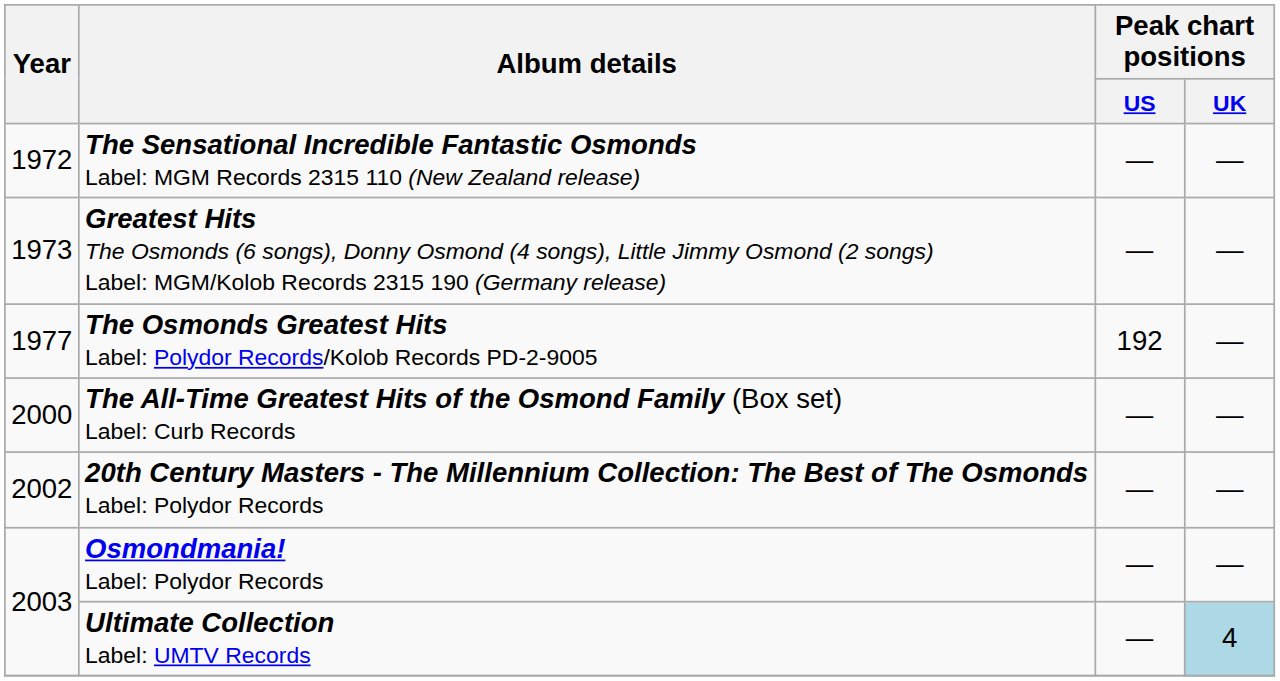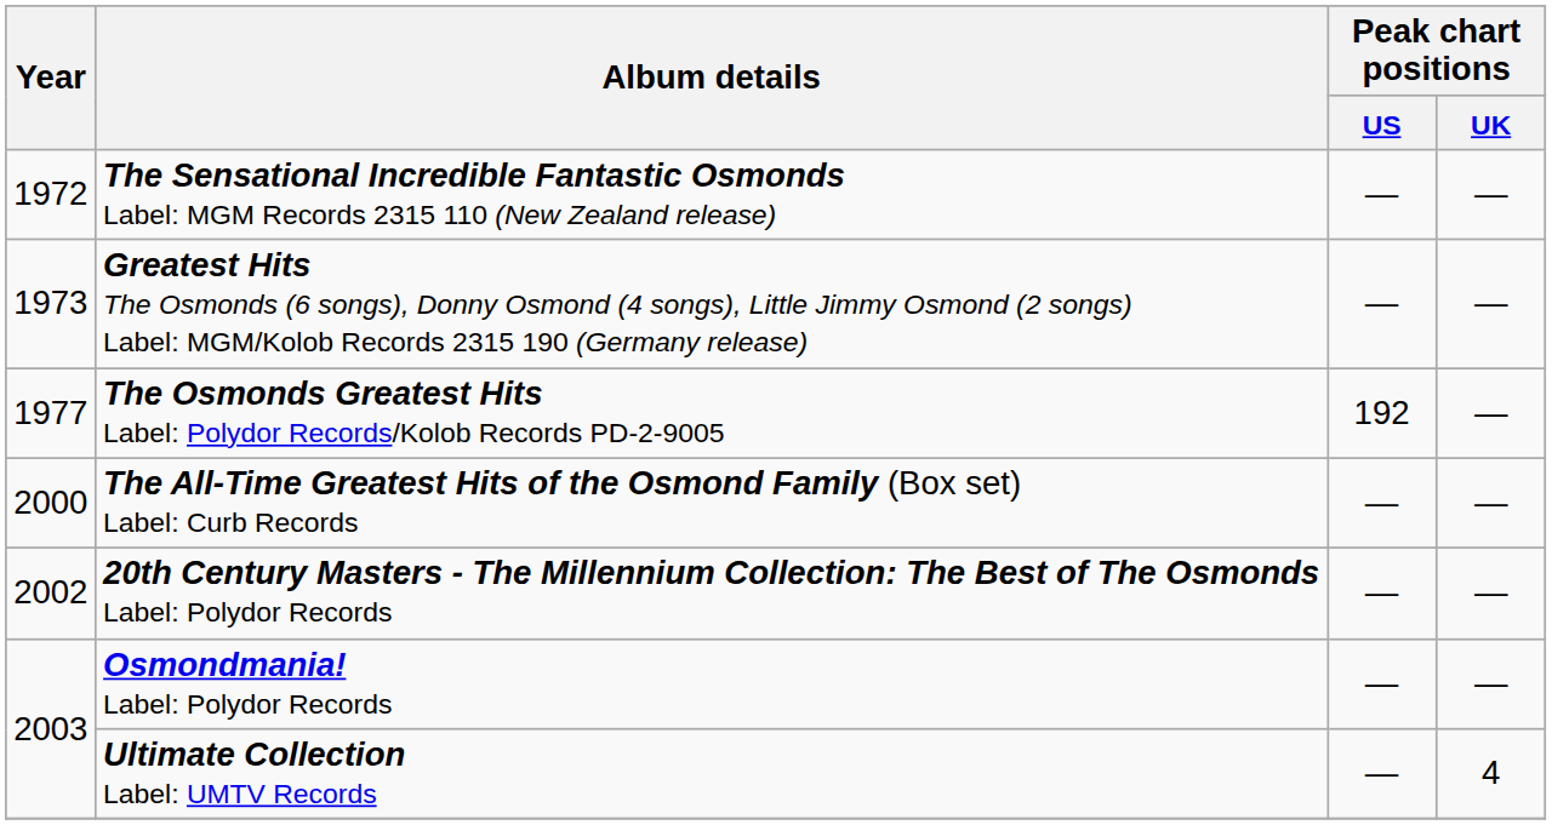 <table class="wikitable">
 <tr>
 <th rowspan="2">Year</th>
 <th rowspan="2">Album details</th>
 <th colspan="2">Peak chart positions</th>
 </tr>
 <tr>
 <th style="width:45px;"><small><a href='#'>US</a></small><br></th>
 <th style="width:45px;"><small><a href='#'>UK</a></small><br></th>
 </tr>
 <tr>
 <td>1972</td>
 <td><strong><em>The Sensational Incredible Fantastic Osmonds</em></strong><br><small>Label: MGM Records 2315 110 <em>(New Zealand release)</em></small></td>
 <td style="text-align:center;">—</td>
 <td style="text-align:center;">—</td>
 </tr>
 <tr>
 <td>1973</td>
 <td><strong><em>Greatest Hits<br></em></strong><small> <em>The Osmonds (6 songs), Donny Osmond (4 songs), Little Jimmy Osmond (2 songs)</em></small><br><small>Label: MGM/Kolob Records 2315 190 <em>(Germany release)</em></small></td>
 <td style="text-align:center;">—</td>
 <td style="text-align:center;">—</td>
 </tr>
 <tr>
 <td>1977</td>
 <td><strong><em>The Osmonds Greatest Hits</em></strong><br><small>Label: <a href='#'>Polydor Records</a>/Kolob Records PD-2-9005</small></td>
 <td style="text-align:center;">192</td>
 <td style="text-align:center;">—</td>
 </tr>
 <tr>
 <td>2000</td>
 <td><strong><em>The All-Time Greatest Hits of the Osmond Family</em></strong> (Box set)<br><small>Label: Curb Records</small></td>
 <td style="text-align:center;">—</td>
 <td style="text-align:center;">—</td>
 </tr>
 <tr>
 <td>2002</td>
 <td><strong><em>20th Century Masters - The Millennium Collection: The Best of The Osmonds</em></strong><br><small>Label: Polydor Records</small></td>
 <td style="text-align:center;">—</td>
 <td style="text-align:center;">—</td>
 </tr>
 <tr>
 <td rowspan="2">2003</td>
 <td><strong><em><a href='#'>Osmondmania!</a></em></strong><br><small>Label: Polydor Records</small></td>
 <td style="text-align:center;">—</td>
 <td style="text-align:center;">—</td>
 </tr>
 <tr>
 <td><strong><em>Ultimate Collection</em></strong><br><small>Label: <a href='#'>UMTV Records</a></small></td>
 <td style="text-align:center;">—</td>
-<td style="background: lightblue; text-align:center;">4</td>
+<td style="text-align:center;">4</td>
 </tr>
 <tr>
 </tr>
 </table>
